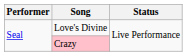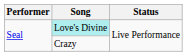 <table class="wikitable" style="font-size: 85%">
 <tr>
 <th>Performer</th>
 <th>Song</th>
 <th>Status</th>
 </tr>
 <tr>
 <td rowspan="2"> <a href='#'>Seal</a></td>
-<td>Love's Divine</td>
+<td style="background: paleturquoise;">Love's Divine</td>
 <td rowspan="2">Live Performance</td>
 </tr>
 <tr>
-<td style="background: pink;">Crazy</td>
+<td>Crazy</td>
 </tr>
 </table>
